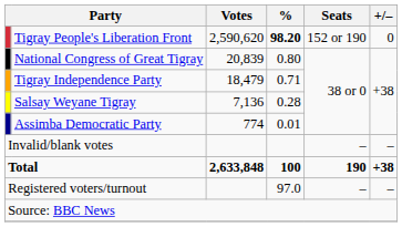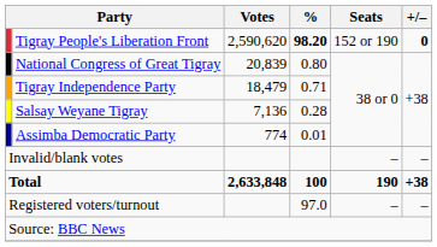 <table class=wikitable style=text-align:right>
 <tr>
 <th colspan=2>Party</th>
 <th>Votes</th>
 <th>%</th>
 <th>Seats</th>
 <th>+/–</th>
 </tr>
 <tr>
 <td style="background-color:#D52D3A"></td>
 <td align=left><a href='#'>Tigray People's Liberation Front</a></td>
 <td>2,590,620</td>
 <td><strong>98.20</strong></td>
 <td>152 or 190</td>
-<td>0</td>
+<td><strong>0</strong></td>
 </tr>
 <tr>
 <td style="background-color:black"></td>
 <td align=left><a href='#'>National Congress of Great Tigray</a></td>
 <td>20,839</td>
 <td>0.80</td>
 <td rowspan="4">38 or 0</td>
 <td rowspan="4">+38</td>
 </tr>
 <tr>
 <td style="background-color:orange"></td>
 <td align=left><a href='#'>Tigray Independence Party</a></td>
 <td>18,479</td>
 <td>0.71</td>
 </tr>
 <tr>
 <td style="background-color:yellow"></td>
 <td align=left><a href='#'>Salsay Weyane Tigray</a></td>
 <td>7,136</td>
 <td>0.28</td>
 </tr>
 <tr>
 <td style="background-color:darkblue"></td>
 <td align=left><a href='#'>Assimba Democratic Party</a></td>
 <td>774</td>
 <td>0.01</td>
 </tr>
 <tr>
 <td align=left colspan=2>Invalid/blank votes</td>
 <td></td>
 <td></td>
 <td>–</td>
 <td>–</td>
 </tr>
 <tr>
 <td align=left colspan=2><strong>Total</strong></td>
 <td><strong>2,633,848</strong></td>
 <td><strong>100</strong></td>
 <td><strong>190</strong></td>
 <td><strong>+38</strong></td>
 </tr>
 <tr>
 <td align=left colspan=2>Registered voters/turnout</td>
 <td></td>
 <td>97.0</td>
 <td>–</td>
 <td>–</td>
 </tr>
 <tr>
 <td align=left colspan="6">Source: <a href='#'>BBC News</a></td>
 </tr>
 <tr>
 </tr>
 </table>
